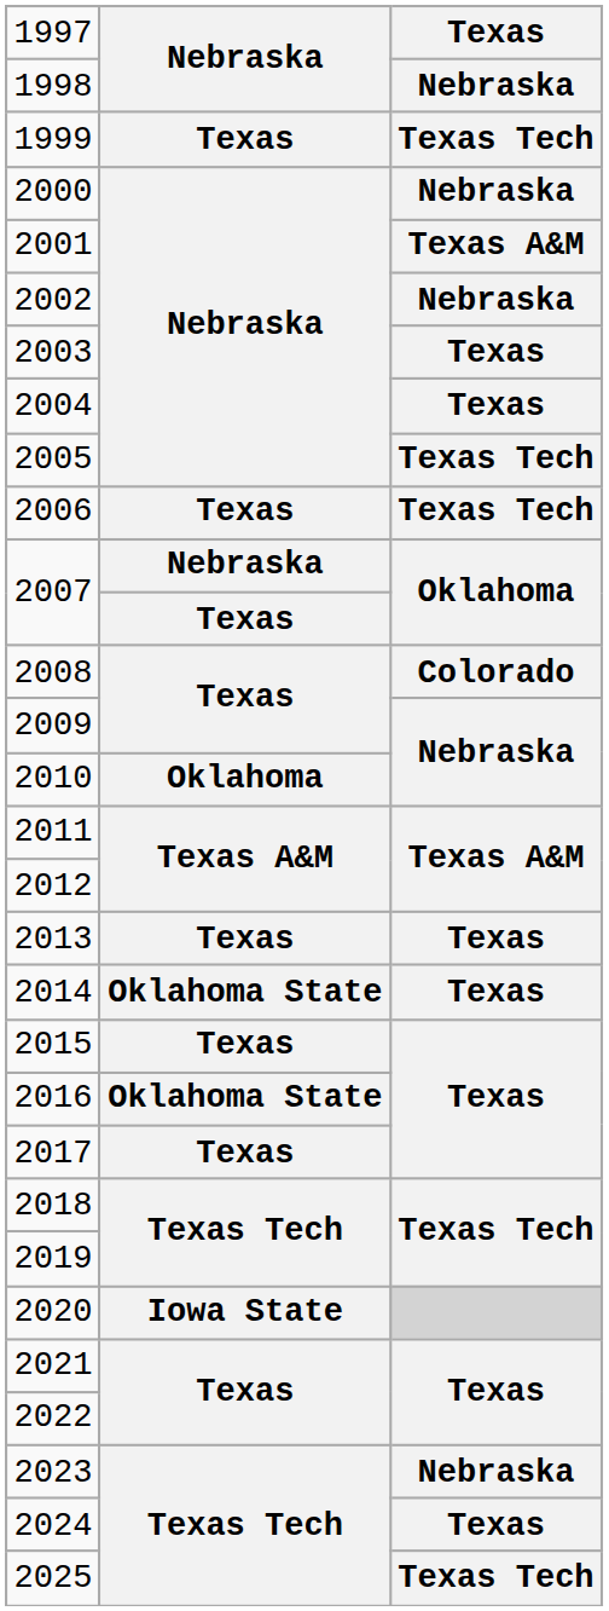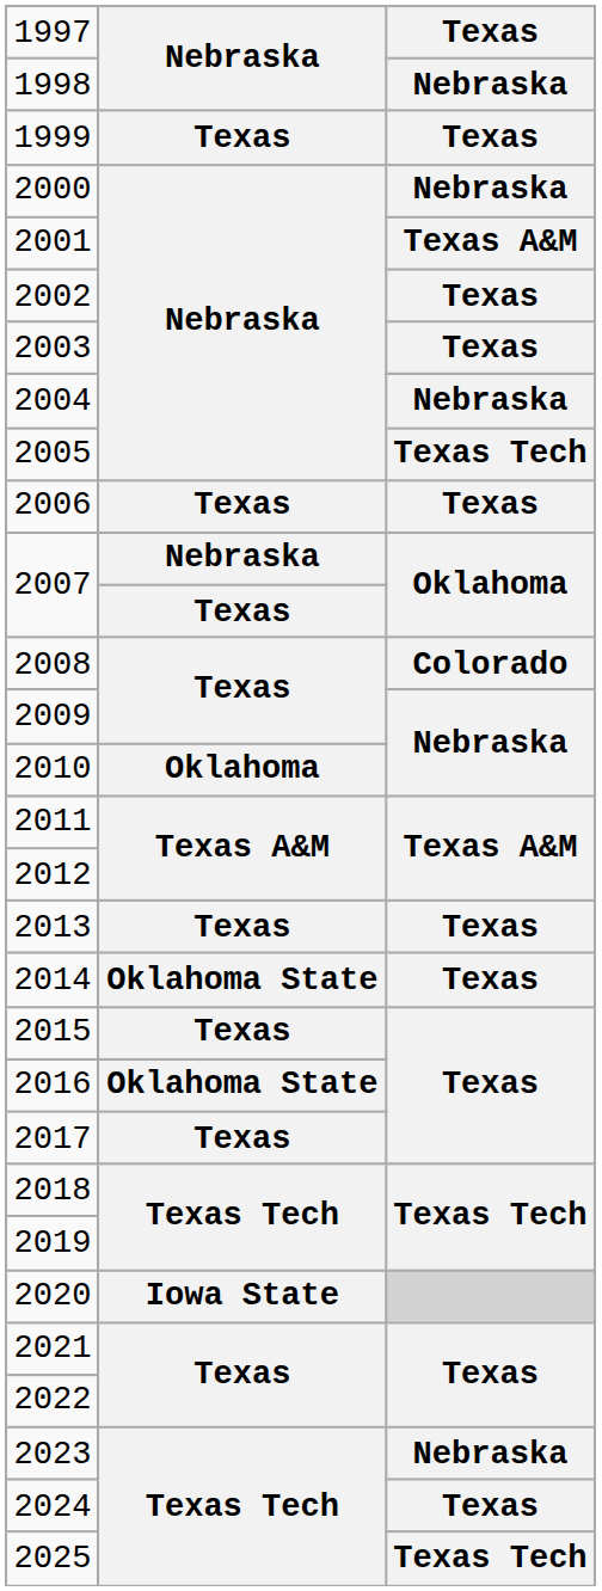 <table class="wikitable" style="text-align: center;">
 <tr>
 <td>1997</td>
 <th rowspan="2">Nebraska</th>
 <th>Texas</th>
 </tr>
 <tr>
 <td>1998</td>
 <th>Nebraska</th>
 </tr>
 <tr>
 <td>1999</td>
 <th>Texas</th>
-<th>Texas Tech</th>
+<th>Texas</th>
 </tr>
 <tr>
 <td>2000</td>
 <th rowspan="6">Nebraska</th>
 <th>Nebraska</th>
 </tr>
 <tr>
 <td>2001</td>
 <th>Texas A&M</th>
 </tr>
 <tr>
 <td>2002</td>
-<th>Nebraska</th>
+<th>Texas</th>
 </tr>
 <tr>
 <td>2003</td>
 <th>Texas</th>
 </tr>
 <tr>
 <td>2004</td>
-<th>Texas</th>
+<th>Nebraska</th>
 </tr>
 <tr>
 <td>2005</td>
 <th>Texas Tech</th>
 </tr>
 <tr>
 <td>2006</td>
 <th>Texas</th>
-<th>Texas Tech</th>
+<th>Texas</th>
 </tr>
 <tr>
 <td rowspan="2">2007</td>
 <th>Nebraska</th>
 <th rowspan="2">Oklahoma</th>
 </tr>
 <tr>
 <th>Texas</th>
 </tr>
 <tr>
 <td>2008</td>
 <th rowspan="2">Texas</th>
 <th>Colorado</th>
 </tr>
 <tr>
 <td>2009</td>
 <th rowspan="2">Nebraska</th>
 </tr>
 <tr>
 <td>2010</td>
 <th>Oklahoma</th>
 </tr>
 <tr>
 <td>2011</td>
 <th rowspan="2">Texas A&M</th>
 <th rowspan="2">Texas A&M</th>
 </tr>
 <tr>
 <td>2012</td>
 </tr>
 <tr>
 <td>2013</td>
 <th>Texas</th>
 <th>Texas</th>
 </tr>
 <tr>
 <td>2014</td>
 <th>Oklahoma State</th>
 <th>Texas</th>
 </tr>
 <tr>
 <td>2015</td>
 <th>Texas</th>
 <th rowspan="3">Texas</th>
 </tr>
 <tr>
 <td>2016</td>
 <th>Oklahoma State</th>
 </tr>
 <tr>
 <td>2017</td>
 <th>Texas</th>
 </tr>
 <tr>
 <td>2018</td>
 <th rowspan="2">Texas Tech</th>
 <th rowspan="2">Texas Tech</th>
 </tr>
 <tr>
 <td>2019</td>
 </tr>
 <tr>
 <td>2020</td>
 <th>Iowa State</th>
 <td bgcolor="#d3d3d3"></td>
 </tr>
 <tr>
 <td>2021</td>
 <th rowspan="2">Texas</th>
 <th rowspan="2">Texas</th>
 </tr>
 <tr>
 <td>2022</td>
 </tr>
 <tr>
 <td>2023</td>
 <th rowspan="3">Texas Tech</th>
 <th>Nebraska</th>
 </tr>
 <tr>
 <td>2024</td>
 <th>Texas</th>
 </tr>
 <tr>
 <td>2025</td>
 <th>Texas Tech</th>
 </tr>
 <tr>
 </tr>
 </table>
